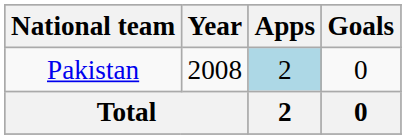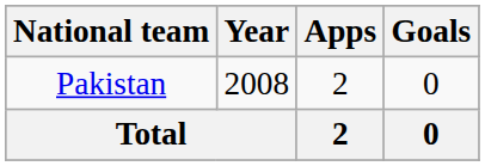 <table class="wikitable" style="text-align:center">
 <tr>
 <th>National team</th>
 <th>Year</th>
 <th>Apps</th>
 <th>Goals</th>
 </tr>
 <tr>
 <td><a href='#'>Pakistan</a></td>
 <td>2008</td>
-<td style="background: lightblue;">2</td>
+<td>2</td>
 <td>0</td>
 </tr>
 <tr>
 <th colspan="2">Total</th>
 <th>2</th>
 <th>0</th>
 </tr>
 </table>
